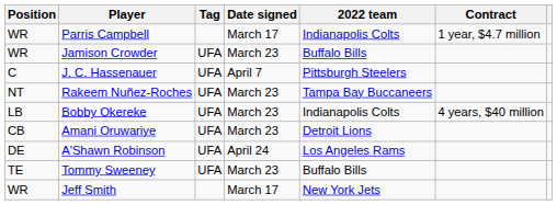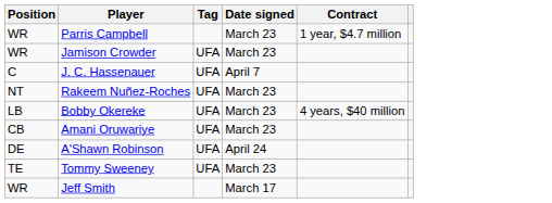 <table class="wikitable">
 <tr>
 <th>Position</th>
 <th>Player</th>
 <th>Tag</th>
 <th>Date signed</th>
-<th>2022 team</th>
 <th>Contract</th>
 <th></th>
 </tr>
 <tr>
 <td>WR</td>
 <td><a href='#'>Parris Campbell</a></td>
 <td></td>
-<td>March 17</td>
-<td><a href='#'>Indianapolis Colts</a></td>
+<td>March 23</td>
 <td>1 year, $4.7 million</td>
 <td></td>
 </tr>
 <tr>
 <td>WR</td>
 <td><a href='#'>Jamison Crowder</a></td>
 <td>UFA</td>
 <td>March 23</td>
-<td><a href='#'>Buffalo Bills</a></td>
 <td></td>
 <td></td>
 </tr>
 <tr>
 <td>C</td>
 <td><a href='#'>J. C. Hassenauer</a></td>
 <td>UFA</td>
 <td>April 7</td>
-<td><a href='#'>Pittsburgh Steelers</a></td>
 <td></td>
 <td></td>
 </tr>
 <tr>
 <td>NT</td>
 <td><a href='#'>Rakeem Nuñez-Roches</a></td>
 <td>UFA</td>
 <td>March 23</td>
-<td><a href='#'>Tampa Bay Buccaneers</a></td>
 <td></td>
 <td></td>
 </tr>
 <tr>
 <td>LB</td>
 <td><a href='#'>Bobby Okereke</a></td>
 <td>UFA</td>
 <td>March 23</td>
-<td>Indianapolis Colts</td>
 <td>4 years, $40 million</td>
 <td></td>
 </tr>
 <tr>
 <td>CB</td>
 <td><a href='#'>Amani Oruwariye</a></td>
 <td>UFA</td>
 <td>March 23</td>
-<td><a href='#'>Detroit Lions</a></td>
 <td></td>
 <td></td>
 </tr>
 <tr>
 <td>DE</td>
 <td><a href='#'>A'Shawn Robinson</a></td>
 <td>UFA</td>
 <td>April 24</td>
-<td><a href='#'>Los Angeles Rams</a></td>
 <td></td>
 <td></td>
 </tr>
 <tr>
 <td>TE</td>
 <td><a href='#'>Tommy Sweeney</a></td>
 <td>UFA</td>
 <td>March 23</td>
-<td>Buffalo Bills</td>
 <td></td>
 <td></td>
 </tr>
 <tr>
 <td>WR</td>
 <td><a href='#'>Jeff Smith</a></td>
 <td></td>
 <td>March 17</td>
-<td><a href='#'>New York Jets</a></td>
 <td></td>
 <td></td>
 </tr>
 </table>
